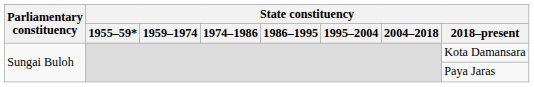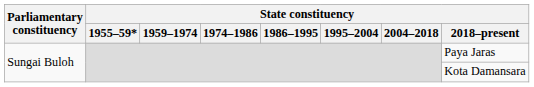 <table class="wikitable">
 <tr>
 <th rowspan="2">Parliamentary<br>constituency</th>
 <th colspan="7">State constituency</th>
 </tr>
 <tr>
 <th>1955–59*</th>
 <th>1959–1974</th>
 <th>1974–1986</th>
 <th>1986–1995</th>
 <th>1995–2004</th>
 <th>2004–2018</th>
 <th>2018–present</th>
 </tr>
 <tr>
 <td rowspan="2">Sungai Buloh</td>
 <td colspan="6" rowspan="2" bgcolor="dcdcdc"></td>
+<td>Paya Jaras</td>
+</tr>
+<tr>
 <td>Kota Damansara</td>
 </tr>
-<tr>
-<td>Paya Jaras</td>
-</tr>
 </table>
